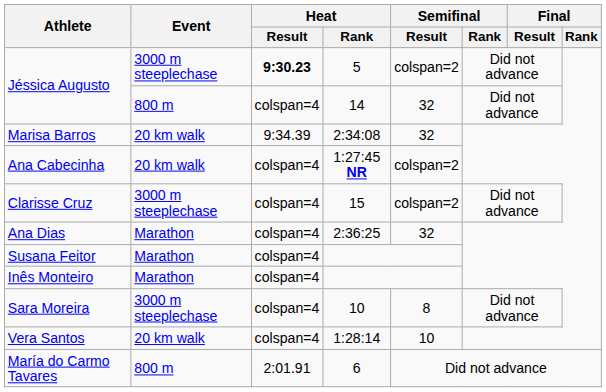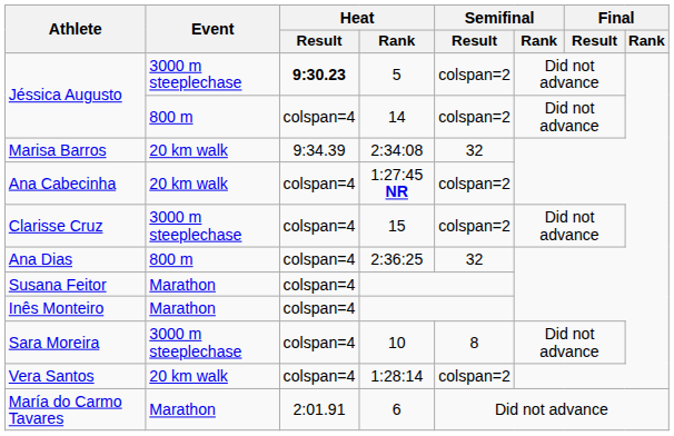 <table class=wikitable style="font-size:90%">
 <tr>
 <th rowspan="2">Athlete</th>
 <th rowspan="2">Event</th>
 <th colspan="2">Heat</th>
 <th colspan="2">Semifinal</th>
 <th colspan="2">Final</th>
 </tr>
 <tr style="font-size:95%">
 <th>Result</th>
 <th>Rank</th>
 <th>Result</th>
 <th>Rank</th>
 <th>Result</th>
 <th>Rank</th>
 </tr>
 <tr align=center>
 <td align=left rowspan=2><a href='#'>Jéssica Augusto</a></td>
 <td align=left><a href='#'>3000 m steeplechase</a></td>
 <td><strong>9:30.23</strong></td>
 <td>5</td>
 <td>colspan=2 </td>
 <td colspan=2>Did not advance</td>
 </tr>
 <tr align=center>
 <td align=left><a href='#'>800 m</a></td>
 <td>colspan=4 </td>
 <td>14</td>
-<td>32</td>
+<td>colspan=2 </td>
 <td colspan=2>Did not advance</td>
 </tr>
 <tr align=center>
 <td align=left><a href='#'>Marisa Barros</a></td>
 <td align=left><a href='#'>20 km walk</a></td>
 <td>9:34.39</td>
 <td>2:34:08</td>
 <td>32</td>
 </tr>
 <tr align=center>
 <td align=left><a href='#'>Ana Cabecinha</a></td>
 <td align=left><a href='#'>20 km walk</a></td>
 <td>colspan=4 </td>
 <td>1:27:45 <strong><a href='#'>NR</a></strong></td>
 <td>colspan=2 </td>
 </tr>
 <tr align=center>
 <td align=left><a href='#'>Clarisse Cruz</a></td>
 <td align=left><a href='#'>3000 m steeplechase</a></td>
 <td>colspan=4 </td>
 <td>15</td>
 <td>colspan=2 </td>
 <td colspan=2>Did not advance</td>
 </tr>
 <tr align=center>
 <td align=left><a href='#'>Ana Dias</a></td>
-<td align=left><a href='#'>Marathon</a></td>
+<td align=left><a href='#'>800 m</a></td>
 <td>colspan=4 </td>
 <td>2:36:25</td>
 <td>32</td>
 </tr>
 <tr align=center>
 <td align=left><a href='#'>Susana Feitor</a></td>
 <td align=left><a href='#'>Marathon</a></td>
 <td>colspan=4 </td>
 <td colspan=2></td>
 </tr>
 <tr align=center>
 <td align=left><a href='#'>Inês Monteiro</a></td>
 <td align=left><a href='#'>Marathon</a></td>
 <td>colspan=4 </td>
 <td colspan=2></td>
 </tr>
 <tr align=center>
 <td align=left><a href='#'>Sara Moreira</a></td>
 <td align=left><a href='#'>3000 m steeplechase</a></td>
 <td>colspan=4 </td>
 <td>10</td>
 <td>8</td>
 <td colspan=2>Did not advance</td>
 </tr>
 <tr align=center>
 <td align=left><a href='#'>Vera Santos</a></td>
 <td align=left><a href='#'>20 km walk</a></td>
 <td>colspan=4 </td>
 <td>1:28:14</td>
-<td>10</td>
+<td>colspan=2 </td>
 </tr>
 <tr align=center>
 <td align=left><a href='#'>María do Carmo Tavares</a></td>
-<td align=left><a href='#'>800 m</a></td>
+<td align=left><a href='#'>Marathon</a></td>
 <td>2:01.91</td>
 <td>6</td>
 <td colspan=4>Did not advance</td>
 </tr>
 </table>
